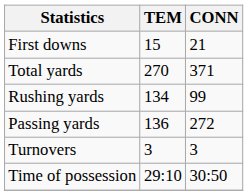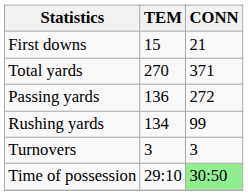 <table class="wikitable" style="float: left;">
 <tr>
 <th>Statistics</th>
 <th>TEM</th>
 <th>CONN</th>
 </tr>
 <tr>
 <td>First downs</td>
 <td>15</td>
 <td>21</td>
 </tr>
 <tr>
 <td>Total yards</td>
 <td>270</td>
 <td>371</td>
 </tr>
 <tr>
+<td>Passing yards</td>
+<td>136</td>
+<td>272</td>
+</tr>
+<tr>
 <td>Rushing yards</td>
 <td>134</td>
 <td>99</td>
-</tr>
-<tr>
-<td>Passing yards</td>
-<td>136</td>
-<td>272</td>
 </tr>
 <tr>
 <td>Turnovers</td>
 <td>3</td>
 <td>3</td>
 </tr>
 <tr>
 <td>Time of possession</td>
 <td>29:10</td>
-<td>30:50</td>
+<td style="background: lightgreen;">30:50</td>
 </tr>
 <tr>
 </tr>
 </table>
